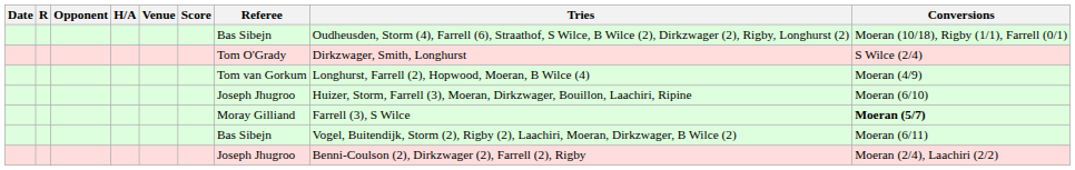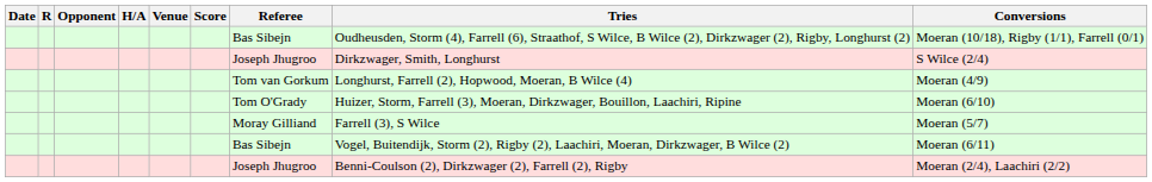 <table class="wikitable">
 <tr>
 <th>Date</th>
 <th>R</th>
 <th>Opponent</th>
 <th>H/A</th>
 <th>Venue</th>
 <th>Score</th>
 <th>Referee</th>
 <th>Tries</th>
 <th>Conversions</th>
 </tr>
 <tr style="background:#ddffdd;">
 <td></td>
 <td></td>
 <td></td>
 <td></td>
 <td></td>
 <td></td>
 <td> Bas Sibejn</td>
 <td>Oudheusden, Storm (4), Farrell (6), Straathof, S Wilce, B Wilce (2), Dirkzwager (2), Rigby, Longhurst (2)</td>
 <td>Moeran (10/18), Rigby (1/1), Farrell (0/1)</td>
 </tr>
 <tr style="background:#ffdddd;">
 <td></td>
 <td></td>
 <td></td>
 <td></td>
 <td></td>
 <td></td>
-<td> Tom O'Grady</td>
+<td> Joseph Jhugroo</td>
 <td>Dirkzwager, Smith, Longhurst</td>
 <td>S Wilce (2/4)</td>
 </tr>
 <tr style="background:#ddffdd;">
 <td></td>
 <td></td>
 <td></td>
 <td></td>
 <td></td>
 <td></td>
 <td> Tom van Gorkum</td>
 <td>Longhurst, Farrell (2), Hopwood, Moeran, B Wilce (4)</td>
 <td>Moeran (4/9)</td>
 </tr>
 <tr style="background:#ddffdd;">
 <td></td>
 <td></td>
 <td></td>
 <td></td>
 <td></td>
 <td></td>
-<td> Joseph Jhugroo</td>
+<td> Tom O'Grady</td>
 <td>Huizer, Storm, Farrell (3), Moeran, Dirkzwager, Bouillon, Laachiri, Ripine</td>
 <td>Moeran (6/10)</td>
 </tr>
 <tr style="background:#ddffdd;">
 <td></td>
 <td></td>
 <td></td>
 <td></td>
 <td></td>
 <td></td>
 <td> Moray Gilliand</td>
 <td>Farrell (3), S Wilce</td>
-<td><strong>Moeran (5/7)</strong></td>
+<td>Moeran (5/7)</td>
 </tr>
 <tr style="background:#ddffdd;">
 <td></td>
 <td></td>
 <td></td>
 <td></td>
 <td></td>
 <td></td>
 <td> Bas Sibejn</td>
 <td>Vogel, Buitendijk, Storm (2), Rigby (2), Laachiri, Moeran, Dirkzwager, B Wilce (2)</td>
 <td>Moeran (6/11)</td>
 </tr>
 <tr style="background:#ffdddd;">
 <td></td>
 <td></td>
 <td></td>
 <td></td>
 <td></td>
 <td></td>
 <td> Joseph Jhugroo</td>
 <td>Benni-Coulson (2), Dirkzwager (2), Farrell (2), Rigby</td>
 <td>Moeran (2/4), Laachiri (2/2)</td>
 </tr>
 </table>
